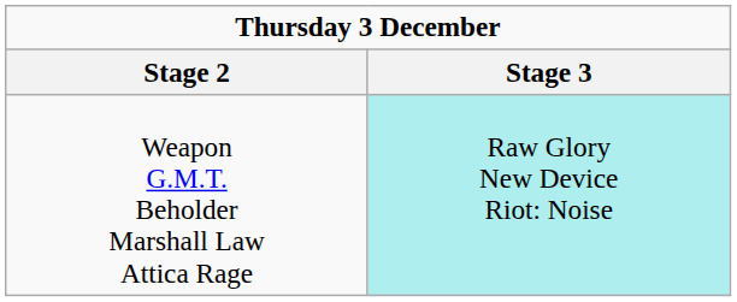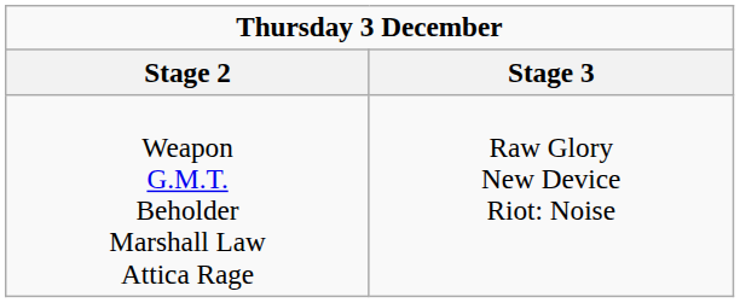 <table class="wikitable">
 <tr>
 <td colspan="3" style="text-align:center;"><strong>Thursday 3 December</strong></td>
 </tr>
 <tr>
 <th>Stage 2</th>
 <th>Stage 3</th>
 </tr>
 <tr>
 <td style="text-align:center; vertical-align:top; width:200px;"><br>Weapon <br><a href='#'>G.M.T.</a> <br>Beholder <br>Marshall Law <br>Attica Rage</td>
-<td style="background: paleturquoise; text-align:center; vertical-align:top; width:200px;"><br>Raw Glory <br>New Device <br>Riot: Noise</td>
+<td style="text-align:center; vertical-align:top; width:200px;"><br>Raw Glory <br>New Device <br>Riot: Noise</td>
 </tr>
 </table>
